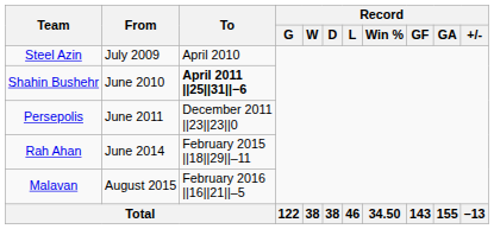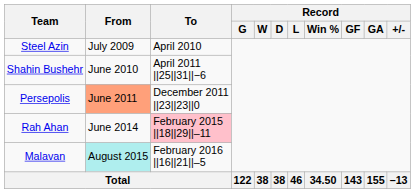 <table class="wikitable" style="text-align: center">
 <tr>
 <th rowspan="2">Team</th>
 <th rowspan="2">From</th>
 <th rowspan="2">To</th>
 <th colspan="8">Record</th>
 </tr>
 <tr>
 <th>G</th>
 <th>W</th>
 <th>D</th>
 <th>L</th>
 <th>Win %</th>
 <th>GF</th>
 <th>GA</th>
 <th>+/-</th>
 </tr>
 <tr>
 <td><a href='#'>Steel Azin</a></td>
 <td align="left">July 2009</td>
 <td align="left">April 2010<br></td>
 </tr>
 <tr>
 <td><a href='#'>Shahin Bushehr</a></td>
 <td align="left">June 2010</td>
-<td align="left"><strong>April 2011<br> ||25||31||−6</strong></td>
+<td align="left">April 2011<br> ||25||31||−6</td>
 </tr>
 <tr>
 <td><a href='#'>Persepolis</a></td>
-<td align="left">June 2011</td>
+<td align="left" style="background: lightsalmon;">June 2011</td>
 <td align="left">December 2011<br>||23||23||0</td>
 </tr>
 <tr>
 <td><a href='#'>Rah Ahan</a></td>
 <td align="left">June 2014</td>
-<td align="left">February 2015<br>||18||29||–11</td>
+<td align="left" style="background: pink;">February 2015<br>||18||29||–11</td>
 </tr>
 <tr>
 <td><a href='#'>Malavan</a></td>
-<td align="left">August 2015</td>
+<td align="left" style="background: paleturquoise;">August 2015</td>
 <td align="left">February 2016<br>||16||21||–5</td>
 </tr>
 <tr>
 <th colspan="3">Total</th>
 <th>122</th>
 <th>38</th>
 <th>38</th>
 <th>46</th>
 <th>34.50</th>
 <th>143</th>
 <th>155</th>
 <th>–13</th>
 </tr>
 </table>
